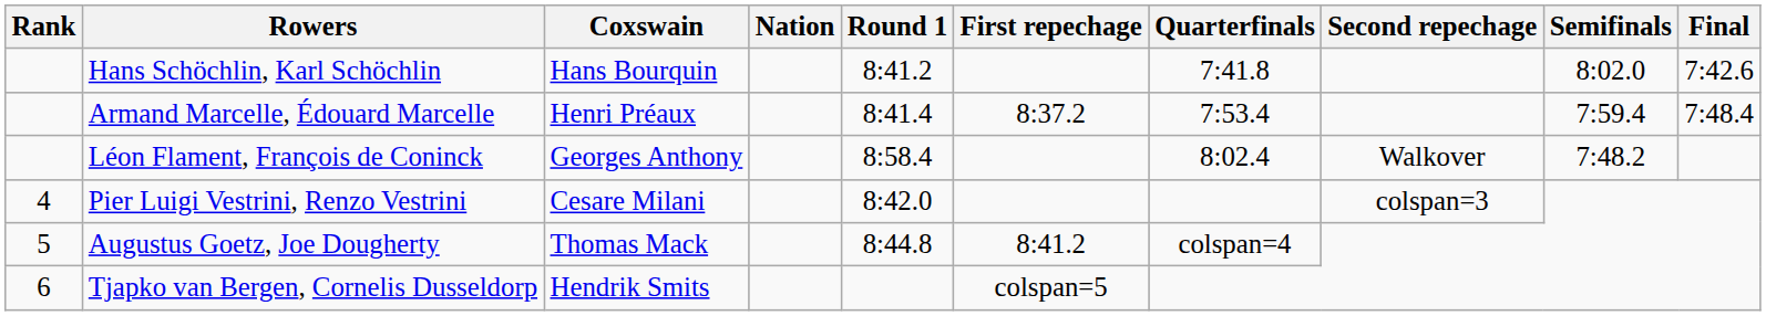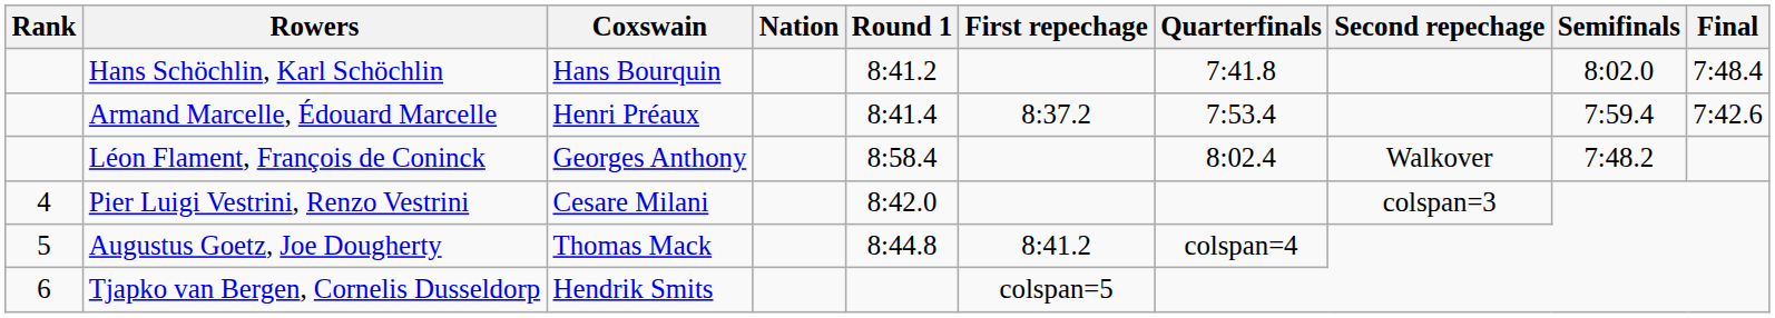 <table class="wikitable sortable" style="text-align:center">
 <tr>
 <th>Rank</th>
 <th>Rowers</th>
 <th>Coxswain</th>
 <th>Nation</th>
 <th>Round 1</th>
 <th>First repechage</th>
 <th>Quarterfinals</th>
 <th>Second repechage</th>
 <th>Semifinals</th>
 <th>Final</th>
 </tr>
 <tr>
 <td></td>
 <td align=left><a href='#'>Hans Schöchlin</a>, <a href='#'>Karl Schöchlin</a></td>
 <td align=left><a href='#'>Hans Bourquin</a></td>
 <td align=left></td>
 <td>8:41.2</td>
 <td></td>
 <td>7:41.8</td>
 <td></td>
 <td>8:02.0</td>
-<td>7:42.6</td>
+<td>7:48.4</td>
 </tr>
 <tr>
 <td></td>
 <td align=left><a href='#'>Armand Marcelle</a>, <a href='#'>Édouard Marcelle</a></td>
 <td align=left><a href='#'>Henri Préaux</a></td>
 <td align=left></td>
 <td>8:41.4</td>
 <td>8:37.2</td>
 <td>7:53.4</td>
 <td></td>
 <td>7:59.4</td>
-<td>7:48.4</td>
+<td>7:42.6</td>
 </tr>
 <tr>
 <td></td>
 <td align=left><a href='#'>Léon Flament</a>, <a href='#'>François de Coninck</a></td>
 <td align=left><a href='#'>Georges Anthony</a></td>
 <td align=left></td>
 <td>8:58.4</td>
 <td></td>
 <td>8:02.4</td>
 <td>Walkover</td>
 <td>7:48.2</td>
 <td></td>
 </tr>
 <tr>
 <td>4</td>
 <td align=left><a href='#'>Pier Luigi Vestrini</a>, <a href='#'>Renzo Vestrini</a></td>
 <td align=left><a href='#'>Cesare Milani</a></td>
 <td align=left></td>
 <td>8:42.0</td>
 <td></td>
 <td data-sort-value=9:99.9></td>
 <td>colspan=3 </td>
 </tr>
 <tr>
 <td>5</td>
 <td align=left><a href='#'>Augustus Goetz</a>, <a href='#'>Joe Dougherty</a></td>
 <td align=left><a href='#'>Thomas Mack</a></td>
 <td align=left></td>
 <td>8:44.8</td>
 <td>8:41.2</td>
 <td>colspan=4 </td>
 </tr>
 <tr>
 <td>6</td>
 <td align=left><a href='#'>Tjapko van Bergen</a>, <a href='#'>Cornelis Dusseldorp</a></td>
 <td align=left><a href='#'>Hendrik Smits</a></td>
 <td align=left></td>
 <td data-sort-value=9:99.9></td>
 <td>colspan=5 </td>
 </tr>
 </table>
